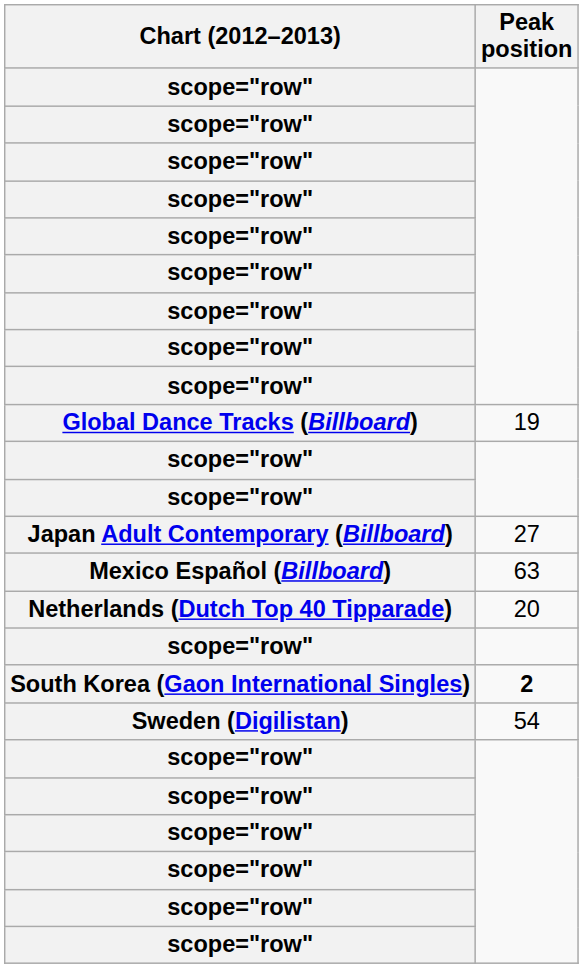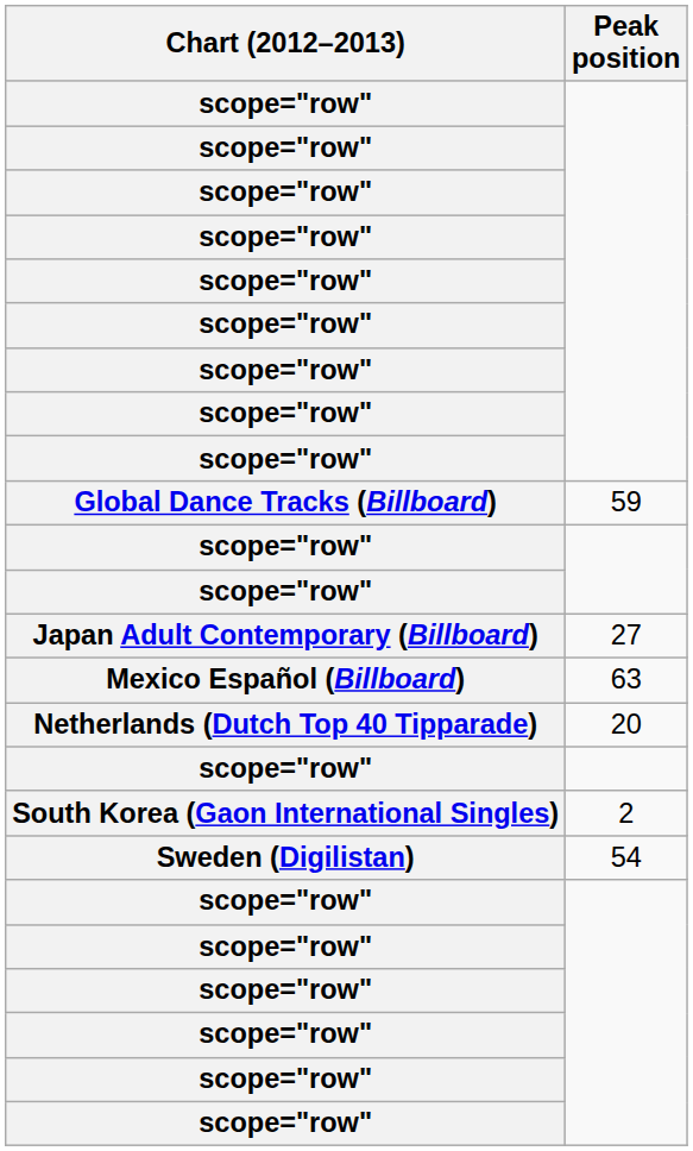 <table class="wikitable sortable plainrowheaders">
 <tr>
 <th scope="col">Chart (2012–2013)</th>
 <th scope="col">Peak<br>position</th>
 </tr>
 <tr>
 <th>scope="row" </th>
 </tr>
 <tr>
 <th>scope="row" </th>
 </tr>
 <tr>
 <th>scope="row" </th>
 </tr>
 <tr>
 <th>scope="row" </th>
 </tr>
 <tr>
 <th>scope="row" </th>
 </tr>
 <tr>
 <th>scope="row" </th>
 </tr>
 <tr>
 <th>scope="row" </th>
 </tr>
 <tr>
 <th>scope="row" </th>
 </tr>
 <tr>
 <th>scope="row" </th>
 </tr>
 <tr>
 <th scope="row"><a href='#'>Global Dance Tracks</a> (<em><a href='#'>Billboard</a></em>)</th>
-<td style="text-align:center;">19</td>
+<td style="text-align:center;">59</td>
 </tr>
 <tr>
 <th>scope="row" </th>
 </tr>
 <tr>
 <th>scope="row" </th>
 </tr>
 <tr>
 <th scope="row">Japan <a href='#'>Adult Contemporary</a> (<em><a href='#'>Billboard</a></em>)</th>
 <td style="text-align:center;">27</td>
 </tr>
 <tr>
 <th scope="row">Mexico Español (<em><a href='#'>Billboard</a></em>)</th>
 <td style="text-align:center;">63</td>
 </tr>
 <tr>
 <th scope="row">Netherlands (<a href='#'>Dutch Top 40 Tipparade</a>)</th>
 <td style="text-align:center;">20</td>
 </tr>
 <tr>
 <th>scope="row" </th>
 </tr>
 <tr>
 <th scope="row">South Korea (<a href='#'>Gaon International Singles</a>)</th>
-<td style="text-align:center;"><strong>2</strong></td>
+<td style="text-align:center;">2</td>
 </tr>
 <tr>
 <th scope="row">Sweden (<a href='#'>Digilistan</a>)</th>
 <td style="text-align:center;">54</td>
 </tr>
 <tr>
 <th>scope="row" </th>
 </tr>
 <tr>
 <th>scope="row" </th>
 </tr>
 <tr>
 <th>scope="row" </th>
 </tr>
 <tr>
 <th>scope="row" </th>
 </tr>
 <tr>
 <th>scope="row" </th>
 </tr>
 <tr>
 <th>scope="row" </th>
 </tr>
 </table>
